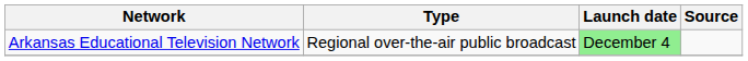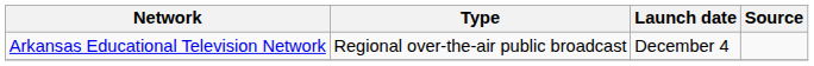 <table class="wikitable sortable">
 <tr>
 <th>Network</th>
 <th>Type</th>
 <th>Launch date</th>
 <th>Source</th>
 </tr>
 <tr>
 <td><a href='#'>Arkansas Educational Television Network</a></td>
 <td>Regional over-the-air public broadcast</td>
-<td style="background: lightgreen;">December 4</td>
+<td>December 4</td>
 <td></td>
 </tr>
 <tr>
 </tr>
 </table>
